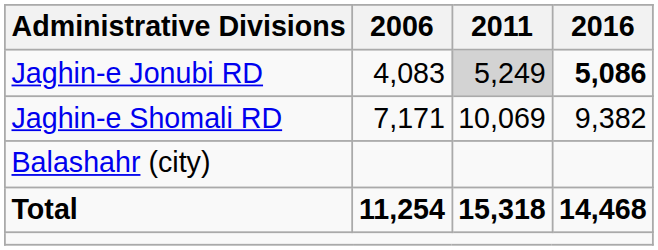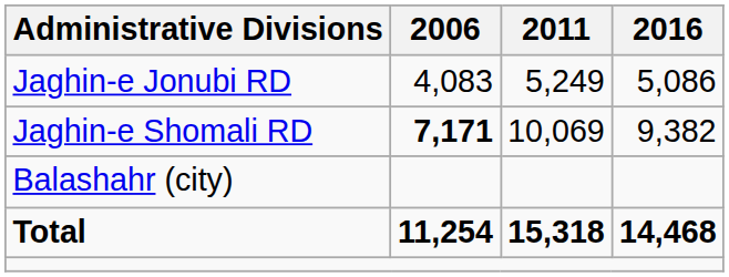 <table class="wikitable">
 <tr>
 <th>Administrative Divisions</th>
 <th>2006</th>
 <th>2011</th>
 <th>2016</th>
 </tr>
 <tr>
 <td><a href='#'>Jaghin-e Jonubi RD</a></td>
 <td style="text-align: right;">4,083</td>
-<td style="background: lightgrey; text-align: right;">5,249</td>
-<td style="text-align: right;"><strong>5,086</strong></td>
+<td style="text-align: right;">5,249</td>
+<td style="text-align: right;">5,086</td>
 </tr>
 <tr>
 <td><a href='#'>Jaghin-e Shomali RD</a></td>
-<td style="text-align: right;">7,171</td>
+<td style="text-align: right;"><strong>7,171</strong></td>
 <td style="text-align: right;">10,069</td>
 <td style="text-align: right;">9,382</td>
 </tr>
 <tr>
 <td><a href='#'>Balashahr</a> (city)</td>
 <td style="text-align: right;"></td>
 <td style="text-align: right;"></td>
 <td style="text-align: right;"></td>
 </tr>
 <tr>
 <td><strong>Total</strong></td>
 <td style="text-align: right;"><strong>11,254</strong></td>
 <td style="text-align: right;"><strong>15,318</strong></td>
 <td style="text-align: right;"><strong>14,468</strong></td>
 </tr>
 <tr>
 <td colspan=4></td>
 </tr>
 </table>
